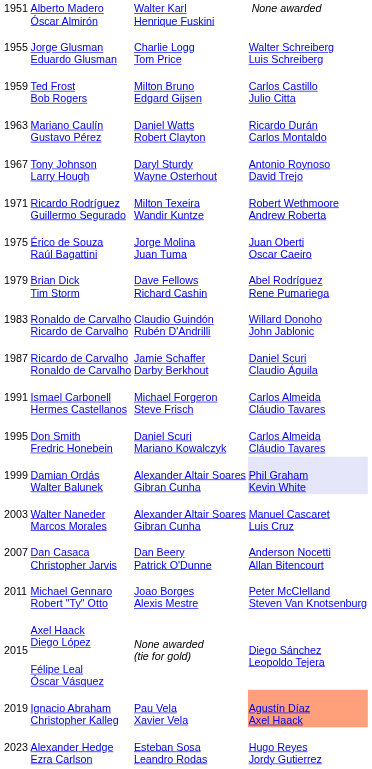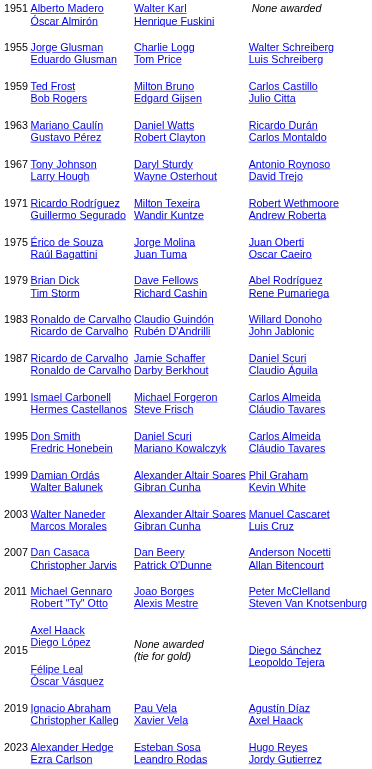 <table>
 <tr>
 <td>1951</td>
 <td><br><a href='#'>Alberto Madero</a><br><a href='#'>Óscar Almirón</a></td>
 <td><br><a href='#'>Walter Karl</a><br><a href='#'>Henrique Fuskini</a></td>
 <td> <em>None awarded</em></td>
 </tr>
 <tr>
 <td>1955</td>
 <td><br><a href='#'>Jorge Glusman</a><br><a href='#'>Eduardo Glusman</a></td>
 <td><br><a href='#'>Charlie Logg</a><br><a href='#'>Tom Price</a></td>
 <td><br><a href='#'>Walter Schreiberg</a><br><a href='#'>Luis Schreiberg</a></td>
 </tr>
 <tr>
 <td>1959</td>
 <td><br><a href='#'>Ted Frost</a><br><a href='#'>Bob Rogers</a></td>
 <td><br><a href='#'>Milton Bruno</a><br><a href='#'>Edgard Gijsen</a></td>
 <td><br><a href='#'>Carlos Castillo</a><br><a href='#'>Julio Citta</a></td>
 </tr>
 <tr>
 <td>1963</td>
 <td><br><a href='#'>Mariano Caulín</a><br><a href='#'>Gustavo Pérez</a></td>
 <td><br><a href='#'>Daniel Watts</a><br><a href='#'>Robert Clayton</a></td>
 <td><br><a href='#'>Ricardo Durán</a><br><a href='#'>Carlos Montaldo</a></td>
 </tr>
 <tr>
 <td>1967</td>
 <td><br><a href='#'>Tony Johnson</a><br><a href='#'>Larry Hough</a></td>
 <td><br><a href='#'>Daryl Sturdy</a><br><a href='#'>Wayne Osterhout</a></td>
 <td><br><a href='#'>Antonio Roynoso</a><br><a href='#'>David Trejo</a></td>
 </tr>
 <tr>
 <td>1971</td>
 <td><br><a href='#'>Ricardo Rodríguez</a><br><a href='#'>Guillermo Segurado</a></td>
 <td><br><a href='#'>Milton Texeira</a><br><a href='#'>Wandir Kuntze</a></td>
 <td><br><a href='#'>Robert Wethmoore</a><br><a href='#'>Andrew Roberta</a></td>
 </tr>
 <tr>
 <td>1975</td>
 <td><br><a href='#'>Érico de Souza</a><br><a href='#'>Raúl Bagattini</a></td>
 <td><br><a href='#'>Jorge Molina</a><br><a href='#'>Juan Tuma</a></td>
 <td><br><a href='#'>Juan Oberti</a><br><a href='#'>Oscar Caeiro</a></td>
 </tr>
 <tr>
 <td>1979</td>
 <td><br><a href='#'>Brian Dick</a><br><a href='#'>Tim Storm</a></td>
 <td><br><a href='#'>Dave Fellows</a><br><a href='#'>Richard Cashin</a></td>
 <td><br><a href='#'>Abel Rodríguez</a><br><a href='#'>Rene Pumariega</a></td>
 </tr>
 <tr>
 <td>1983</td>
 <td><br><a href='#'>Ronaldo de Carvalho</a><br><a href='#'>Ricardo de Carvalho</a></td>
 <td><br><a href='#'>Claudio Guindón</a><br><a href='#'>Rubén D'Andrilli</a></td>
 <td><br><a href='#'>Willard Donoho</a><br><a href='#'>John Jablonic</a></td>
 </tr>
 <tr>
 <td>1987</td>
 <td><br><a href='#'>Ricardo de Carvalho</a><br><a href='#'>Ronaldo de Carvalho</a></td>
 <td><br><a href='#'>Jamie Schaffer</a><br><a href='#'>Darby Berkhout</a></td>
 <td><br><a href='#'>Daniel Scuri</a><br><a href='#'>Claudio Águila</a></td>
 </tr>
 <tr>
 <td>1991</td>
 <td><br><a href='#'>Ismael Carbonell</a><br><a href='#'>Hermes Castellanos</a></td>
 <td><br><a href='#'>Michael Forgeron</a><br><a href='#'>Steve Frisch</a></td>
 <td><br><a href='#'>Carlos Almeida</a><br><a href='#'>Cláudio Tavares</a></td>
 </tr>
 <tr>
 <td>1995</td>
 <td><br><a href='#'>Don Smith</a><br><a href='#'>Fredric Honebein</a></td>
 <td><br><a href='#'>Daniel Scuri</a><br><a href='#'>Mariano Kowalczyk</a></td>
 <td><br><a href='#'>Carlos Almeida</a><br><a href='#'>Cláudio Tavares</a></td>
 </tr>
 <tr>
 <td>1999</td>
 <td><br><a href='#'>Damian Ordás</a><br><a href='#'>Walter Balunek</a></td>
 <td><br><a href='#'>Alexander Altair Soares</a><br><a href='#'>Gibran Cunha</a></td>
-<td style="background: lavender;"><br><a href='#'>Phil Graham</a><br><a href='#'>Kevin White</a></td>
+<td><br><a href='#'>Phil Graham</a><br><a href='#'>Kevin White</a></td>
 </tr>
 <tr>
 <td>2003</td>
 <td><br><a href='#'>Walter Naneder</a> <br><a href='#'>Marcos Morales</a></td>
 <td><br><a href='#'>Alexander Altair Soares</a> <br><a href='#'>Gibran Cunha</a></td>
 <td><br><a href='#'>Manuel Cascaret</a> <br><a href='#'>Luis Cruz</a></td>
 </tr>
 <tr>
 <td>2007</td>
 <td><br><a href='#'>Dan Casaca</a><br><a href='#'>Christopher Jarvis</a></td>
 <td><br><a href='#'>Dan Beery</a><br><a href='#'>Patrick O'Dunne</a></td>
 <td><br><a href='#'>Anderson Nocetti</a><br><a href='#'>Allan Bitencourt</a></td>
 </tr>
 <tr>
 <td>2011<br></td>
 <td><br><a href='#'>Michael Gennaro</a> <br><a href='#'>Robert "Ty" Otto</a></td>
 <td><br><a href='#'>Joao Borges</a> <br><a href='#'>Alexis Mestre</a></td>
 <td><br><a href='#'>Peter McClelland</a> <br><a href='#'>Steven Van Knotsenburg</a></td>
 </tr>
 <tr>
 <td rowspan=2>2015<br></td>
 <td><br><a href='#'>Axel Haack</a><br><a href='#'>Diego López</a></td>
 <td rowspan=2><em>None awarded</em><br><span><em>(tie for gold)</em></span></td>
 <td rowspan=2><br><a href='#'>Diego Sánchez</a><br><a href='#'>Leopoldo Tejera</a></td>
 </tr>
 <tr>
 <td><br><a href='#'>Félipe Leal</a><br><a href='#'>Óscar Vásquez</a></td>
 </tr>
 <tr>
 <td>2019 <br></td>
 <td><br><a href='#'>Ignacio Abraham</a><br><a href='#'>Christopher Kalleg</a></td>
 <td><br><a href='#'>Pau Vela</a><br><a href='#'>Xavier Vela</a></td>
-<td style="background: lightsalmon;"><br><a href='#'>Agustín Díaz</a><br><a href='#'>Axel Haack</a></td>
+<td><br><a href='#'>Agustín Díaz</a><br><a href='#'>Axel Haack</a></td>
 </tr>
 <tr>
 <td>2023 <br></td>
 <td><br><a href='#'>Alexander Hedge</a><br><a href='#'>Ezra Carlson</a></td>
 <td><br><a href='#'>Esteban Sosa</a><br><a href='#'>Leandro Rodas</a></td>
 <td><br><a href='#'>Hugo Reyes</a><br><a href='#'>Jordy Gutierrez</a></td>
 </tr>
 </table>
